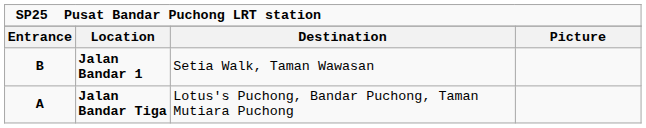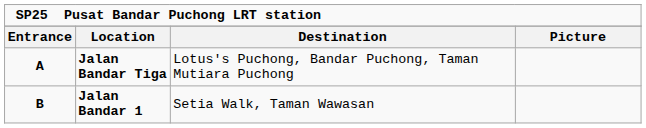 <table class="wikitable" style="width:70%">
 <tr>
 <td colspan=4 bgcolor=><span> <strong>SP25</strong> </span>  <strong>Pusat Bandar Puchong LRT station</strong></td>
 </tr>
 <tr>
 </tr>
 <tr>
 <th style="width:10%">Entrance</th>
 <th style="width:15%">Location</th>
 <th style="width:55%">Destination</th>
 <th style="width:20%;">Picture</th>
 </tr>
 <tr>
+<td align="center"><strong><span>A</span></strong></td>
+<td><strong>Jalan Bandar Tiga</strong></td>
+<td>Lotus's Puchong, Bandar Puchong, Taman Mutiara Puchong</td>
+<td></td>
+</tr>
+<tr>
 <td align="center"><strong><span>B</span></strong></td>
 <td><strong>Jalan Bandar 1</strong></td>
 <td>Setia Walk, Taman Wawasan</td>
 <td></td>
 </tr>
-<tr>
-<td align="center"><strong><span>A</span></strong></td>
-<td><strong>Jalan Bandar Tiga</strong></td>
-<td>Lotus's Puchong, Bandar Puchong, Taman Mutiara Puchong</td>
-<td></td>
-</tr>
 </table>
